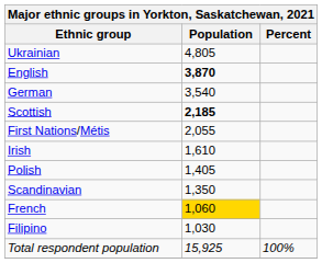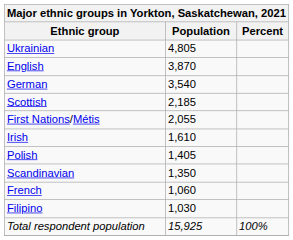 <table class="wikitable">
 <tr>
 <th colspan=3>Major ethnic groups in Yorkton, Saskatchewan, 2021</th>
 </tr>
 <tr>
 <th>Ethnic group</th>
 <th>Population</th>
 <th>Percent</th>
 </tr>
 <tr>
 <td><a href='#'>Ukrainian</a></td>
 <td>4,805</td>
 <td></td>
 </tr>
 <tr>
 <td><a href='#'>English</a></td>
-<td><strong>3,870</strong></td>
+<td>3,870</td>
 <td></td>
 </tr>
 <tr>
 <td><a href='#'>German</a></td>
 <td>3,540</td>
 <td></td>
 </tr>
 <tr>
 <td><a href='#'>Scottish</a></td>
-<td><strong>2,185</strong></td>
+<td>2,185</td>
 <td></td>
 </tr>
 <tr>
 <td><a href='#'>First Nations</a>/<a href='#'>Métis</a></td>
 <td>2,055</td>
 <td></td>
 </tr>
 <tr>
 <td><a href='#'>Irish</a></td>
 <td>1,610</td>
 <td></td>
 </tr>
 <tr>
 <td><a href='#'>Polish</a></td>
 <td>1,405</td>
 <td></td>
 </tr>
 <tr>
 <td><a href='#'>Scandinavian</a></td>
 <td>1,350</td>
 <td></td>
 </tr>
 <tr>
 <td><a href='#'>French</a></td>
-<td style="background: gold;">1,060</td>
+<td>1,060</td>
 <td></td>
 </tr>
 <tr>
 <td><a href='#'>Filipino</a></td>
 <td>1,030</td>
 <td></td>
 </tr>
 <tr>
 <td><em>Total respondent population</em></td>
 <td><em>15,925</em></td>
 <td><em>100%</em></td>
 </tr>
 <tr>
 </tr>
 </table>
